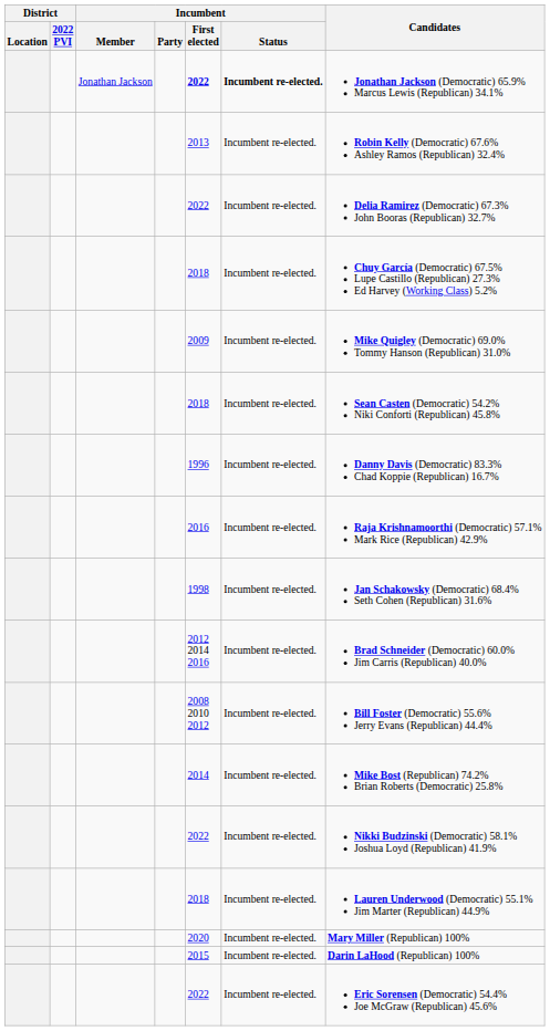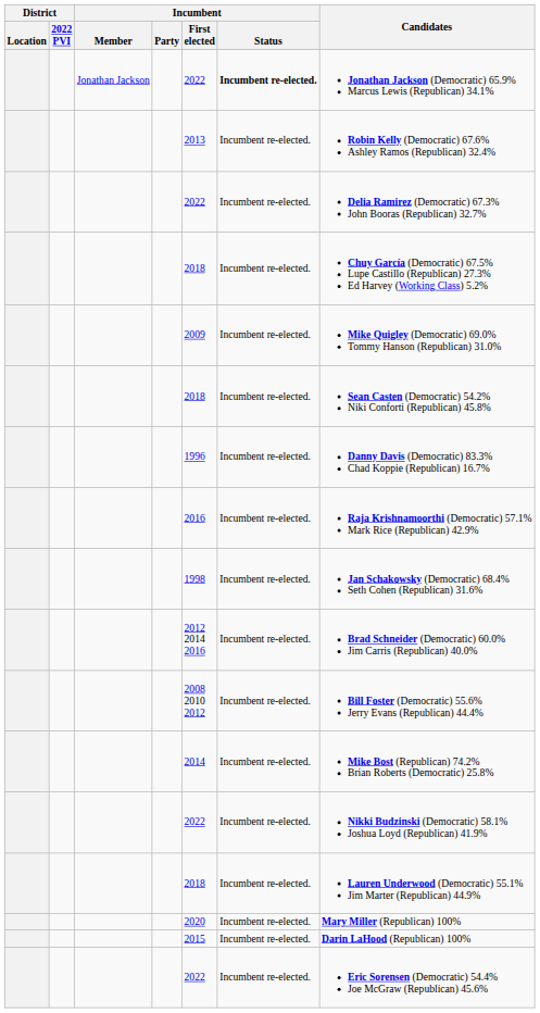 <table class="wikitable sortable">
 <tr>
 <th colspan=2>District</th>
 <th colspan=4>Incumbent</th>
 <th rowspan=2 class="unsortable">Candidates</th>
 </tr>
 <tr valign=bottom>
 <th>Location</th>
 <th><a href='#'>2022<br>PVI</a></th>
 <th>Member</th>
 <th>Party</th>
 <th>First<br>elected</th>
 <th>Status</th>
 </tr>
 <tr>
 <th></th>
 <td></td>
 <td><a href='#'>Jonathan Jackson</a></td>
 <td></td>
-<td><strong><a href='#'>2022</a></strong></td>
+<td><a href='#'>2022</a></td>
 <td><strong>Incumbent re-elected.</strong></td>
 <td nowrap><br><ul><li> <strong><a href='#'>Jonathan Jackson</a></strong> (Democratic) 65.9%</li><li>Marcus Lewis (Republican) 34.1%</li></ul></td>
 </tr>
 <tr>
 <th></th>
 <td></td>
 <td></td>
 <td></td>
 <td><a href='#'>2013 </a></td>
 <td>Incumbent re-elected.</td>
 <td nowrap><br><ul><li> <strong><a href='#'>Robin Kelly</a></strong> (Democratic) 67.6%</li><li> Ashley Ramos (Republican) 32.4%</li></ul></td>
 </tr>
 <tr>
 <th></th>
 <td></td>
 <td></td>
 <td></td>
 <td><a href='#'>2022</a></td>
 <td>Incumbent re-elected.</td>
 <td nowrap><br><ul><li> <strong><a href='#'>Delia Ramirez</a></strong> (Democratic) 67.3%</li><li>John Booras (Republican) 32.7%</li></ul></td>
 </tr>
 <tr>
 <th></th>
 <td></td>
 <td></td>
 <td></td>
 <td><a href='#'>2018</a></td>
 <td>Incumbent re-elected.</td>
 <td nowrap><br><ul><li> <strong><a href='#'>Chuy García</a></strong> (Democratic) 67.5%</li><li>Lupe Castillo (Republican) 27.3%</li><li>Ed Harvey (<a href='#'>Working Class</a>) 5.2%</li></ul></td>
 </tr>
 <tr>
 <th></th>
 <td></td>
 <td></td>
 <td></td>
 <td><a href='#'>2009 </a></td>
 <td>Incumbent re-elected.</td>
 <td nowrap><br><ul><li> <strong><a href='#'>Mike Quigley</a></strong> (Democratic) 69.0%</li><li>Tommy Hanson (Republican) 31.0%</li></ul></td>
 </tr>
 <tr>
 <th></th>
 <td></td>
 <td></td>
 <td></td>
 <td><a href='#'>2018</a></td>
 <td>Incumbent re-elected.</td>
 <td nowrap><br><ul><li> <strong><a href='#'>Sean Casten</a></strong> (Democratic) 54.2%</li><li>Niki Conforti (Republican) 45.8%</li></ul></td>
 </tr>
 <tr>
 <th></th>
 <td></td>
 <td></td>
 <td></td>
 <td><a href='#'>1996</a></td>
 <td>Incumbent re-elected.</td>
 <td nowrap><br><ul><li> <strong><a href='#'>Danny Davis</a></strong> (Democratic) 83.3%</li><li>Chad Koppie (Republican) 16.7%</li></ul></td>
 </tr>
 <tr>
 <th></th>
 <td></td>
 <td></td>
 <td></td>
 <td><a href='#'>2016</a></td>
 <td>Incumbent re-elected.</td>
 <td nowrap><br><ul><li> <strong><a href='#'>Raja Krishnamoorthi</a></strong> (Democratic) 57.1%</li><li>Mark Rice (Republican) 42.9%</li></ul></td>
 </tr>
 <tr>
 <th></th>
 <td></td>
 <td></td>
 <td></td>
 <td><a href='#'>1998</a></td>
 <td>Incumbent re-elected.</td>
 <td nowrap><br><ul><li> <strong><a href='#'>Jan Schakowsky</a></strong> (Democratic) 68.4%</li><li>Seth Cohen (Republican) 31.6%</li></ul></td>
 </tr>
 <tr>
 <th></th>
 <td></td>
 <td></td>
 <td></td>
 <td><a href='#'>2012</a><br>2014 <br><a href='#'>2016</a></td>
 <td>Incumbent re-elected.</td>
 <td><br><ul><li> <strong><a href='#'>Brad Schneider</a></strong> (Democratic) 60.0%</li><li>Jim Carris (Republican) 40.0%</li></ul></td>
 </tr>
 <tr>
 <th></th>
 <td></td>
 <td></td>
 <td></td>
 <td><a href='#'>2008 </a><br>2010 <br><a href='#'>2012</a></td>
 <td>Incumbent re-elected.</td>
 <td nowrap><br><ul><li> <strong><a href='#'>Bill Foster</a></strong> (Democratic) 55.6%</li><li>Jerry Evans (Republican) 44.4%</li></ul></td>
 </tr>
 <tr>
 <th></th>
 <td></td>
 <td></td>
 <td></td>
 <td><a href='#'>2014</a></td>
 <td>Incumbent re-elected.</td>
 <td nowrap><br><ul><li> <strong><a href='#'>Mike Bost</a></strong> (Republican) 74.2%</li><li>Brian Roberts (Democratic) 25.8%</li></ul></td>
 </tr>
 <tr>
 <th></th>
 <td></td>
 <td></td>
 <td></td>
 <td><a href='#'>2022</a></td>
 <td>Incumbent re-elected.</td>
 <td nowrap><br><ul><li> <strong><a href='#'>Nikki Budzinski</a></strong> (Democratic) 58.1%</li><li>Joshua Loyd (Republican) 41.9%</li></ul></td>
 </tr>
 <tr>
 <th></th>
 <td></td>
 <td></td>
 <td></td>
 <td><a href='#'>2018</a></td>
 <td>Incumbent re-elected.</td>
 <td nowrap><br><ul><li> <strong><a href='#'>Lauren Underwood</a></strong> (Democratic) 55.1%</li><li>Jim Marter (Republican) 44.9%</li></ul></td>
 </tr>
 <tr>
 <th></th>
 <td></td>
 <td></td>
 <td></td>
 <td><a href='#'>2020</a></td>
 <td>Incumbent re-elected.</td>
 <td nowrap> <strong><a href='#'>Mary Miller</a></strong> (Republican) 100%</td>
 </tr>
 <tr>
 <th></th>
 <td></td>
 <td></td>
 <td></td>
 <td><a href='#'>2015 </a></td>
 <td>Incumbent re-elected.</td>
 <td nowrap> <strong><a href='#'>Darin LaHood</a></strong> (Republican) 100%</td>
 </tr>
 <tr>
 <th></th>
 <td></td>
 <td></td>
 <td></td>
 <td><a href='#'>2022</a></td>
 <td>Incumbent re-elected.</td>
 <td nowrap><br><ul><li> <strong><a href='#'>Eric Sorensen</a></strong> (Democratic) 54.4%</li><li>Joe McGraw (Republican) 45.6%</li></ul></td>
 </tr>
 </table>
